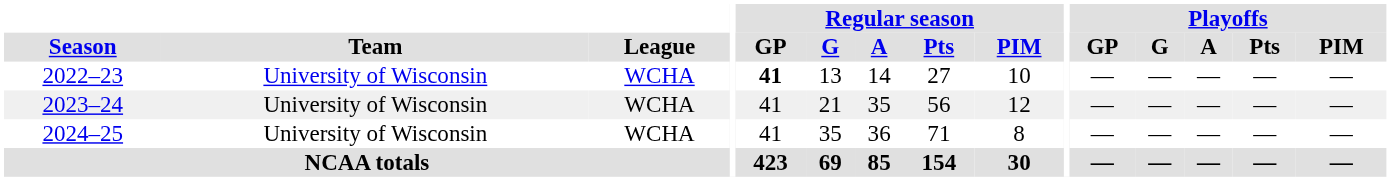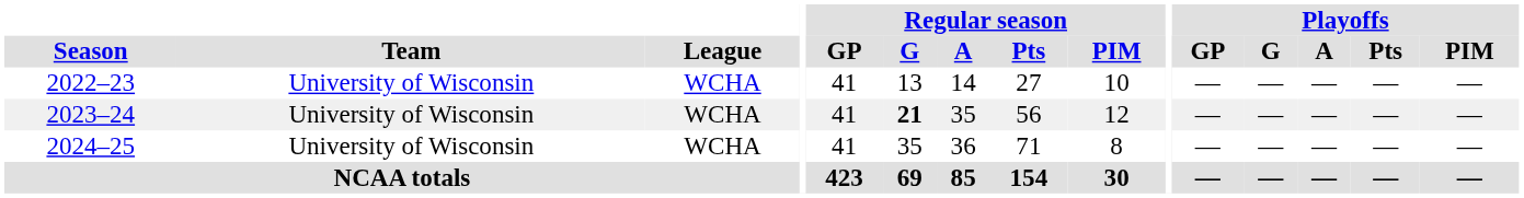 <table border="0" cellpadding="1" cellspacing="0" style="text-align:center; width:60em">
 <tr bgcolor="#e0e0e0">
 <th colspan="3" bgcolor="#ffffff"></th>
 <th rowspan="97" bgcolor="#ffffff"></th>
 <th colspan="5"><a href='#'>Regular season</a></th>
 <th rowspan="97" bgcolor="#ffffff"></th>
 <th colspan="5"><a href='#'>Playoffs</a></th>
 </tr>
 <tr bgcolor="#e0e0e0">
 <th><a href='#'>Season</a></th>
 <th>Team</th>
 <th>League</th>
 <th>GP</th>
 <th><a href='#'>G</a></th>
 <th><a href='#'>A</a></th>
 <th><a href='#'>Pts</a></th>
 <th><a href='#'>PIM</a></th>
 <th>GP</th>
 <th>G</th>
 <th>A</th>
 <th>Pts</th>
 <th>PIM</th>
 </tr>
 <tr>
 <td><a href='#'>2022–23</a></td>
 <td><a href='#'>University of Wisconsin</a></td>
 <td><a href='#'>WCHA</a></td>
-<td><strong>41</strong></td>
+<td>41</td>
 <td>13</td>
 <td>14</td>
 <td>27</td>
 <td>10</td>
 <td>—</td>
 <td>—</td>
 <td>—</td>
 <td>—</td>
 <td>—</td>
 </tr>
 <tr bgcolor="#f0f0f0">
 <td><a href='#'>2023–24</a></td>
 <td>University of Wisconsin</td>
 <td>WCHA</td>
 <td>41</td>
-<td>21</td>
+<td><strong>21</strong></td>
 <td>35</td>
 <td>56</td>
 <td>12</td>
 <td>—</td>
 <td>—</td>
 <td>—</td>
 <td>—</td>
 <td>—</td>
 </tr>
 <tr>
 <td><a href='#'>2024–25</a></td>
 <td>University of Wisconsin</td>
 <td>WCHA</td>
 <td>41</td>
 <td>35</td>
 <td>36</td>
 <td>71</td>
 <td>8</td>
 <td>—</td>
 <td>—</td>
 <td>—</td>
 <td>—</td>
 <td>—</td>
 </tr>
 <tr bgcolor="#e0e0e0">
 <th colspan="3">NCAA totals</th>
 <th>423</th>
 <th>69</th>
 <th>85</th>
 <th>154</th>
 <th>30</th>
 <th>—</th>
 <th>—</th>
 <th>—</th>
 <th>—</th>
 <th>—</th>
 </tr>
 </table>
